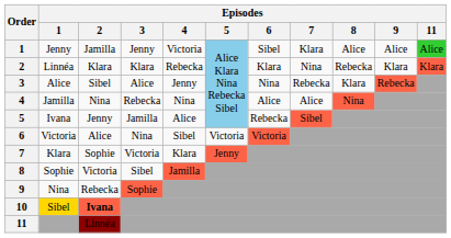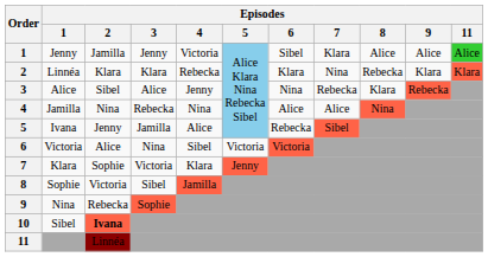 <table class="wikitable" style="text-align:center; font-size:92%">
 <tr>
 <th rowspan=2>Order</th>
 <th colspan=10>Episodes</th>
 </tr>
 <tr>
 <th>1</th>
 <th>2</th>
 <th>3</th>
 <th>4</th>
 <th>5</th>
 <th>6</th>
 <th>7</th>
 <th>8</th>
 <th>9</th>
 <th>11</th>
 </tr>
 <tr>
 <th>1</th>
 <td>Jenny</td>
 <td>Jamilla</td>
 <td>Jenny</td>
 <td>Victoria</td>
 <td rowspan="5" bgcolor="skyblue">Alice <br>Klara <br>Nina<br>Rebecka <br>Sibel</td>
 <td>Sibel</td>
 <td>Klara</td>
 <td>Alice</td>
 <td>Alice</td>
 <td bgcolor="limegreen">Alice</td>
 </tr>
 <tr>
 <th>2</th>
 <td>Linnéa</td>
 <td>Klara</td>
 <td>Klara</td>
 <td>Rebecka</td>
 <td>Klara</td>
 <td>Nina</td>
 <td>Rebecka</td>
 <td>Klara</td>
 <td bgcolor="tomato">Klara</td>
 </tr>
 <tr>
 <th>3</th>
 <td>Alice</td>
 <td>Sibel</td>
 <td>Alice</td>
 <td>Jenny</td>
 <td>Nina</td>
 <td>Rebecka</td>
 <td>Klara</td>
 <td bgcolor="tomato">Rebecka</td>
 <td bgcolor="darkgray"></td>
 </tr>
 <tr>
 <th>4</th>
 <td>Jamilla</td>
 <td>Nina</td>
 <td>Rebecka</td>
 <td>Nina</td>
 <td>Alice</td>
 <td>Alice</td>
 <td bgcolor="tomato">Nina</td>
 <td bgcolor="darkgray" colspan=2></td>
 </tr>
 <tr>
 <th>5</th>
 <td>Ivana</td>
 <td>Jenny</td>
 <td>Jamilla</td>
 <td>Alice</td>
 <td>Rebecka</td>
 <td bgcolor="tomato">Sibel</td>
 <td bgcolor="darkgray" colspan=3></td>
 </tr>
 <tr>
 <th>6</th>
 <td>Victoria</td>
 <td>Alice</td>
 <td>Nina</td>
 <td>Sibel</td>
 <td>Victoria</td>
 <td bgcolor="tomato">Victoria</td>
 <td bgcolor="darkgray" colspan=4></td>
 </tr>
 <tr>
 <th>7</th>
 <td>Klara</td>
 <td>Sophie</td>
 <td>Victoria</td>
 <td>Klara</td>
 <td bgcolor="tomato">Jenny</td>
 <td bgcolor="darkgray" colspan=5></td>
 </tr>
 <tr>
 <th>8</th>
 <td>Sophie</td>
 <td>Victoria</td>
 <td>Sibel</td>
 <td bgcolor="tomato">Jamilla</td>
 <td bgcolor="darkgray" colspan=6></td>
 </tr>
 <tr>
 <th>9</th>
 <td>Nina</td>
 <td>Rebecka</td>
 <td bgcolor="tomato">Sophie</td>
 <td bgcolor="darkgray" colspan=7></td>
 </tr>
 <tr>
 <th>10</th>
-<td style="background: gold;">Sibel</td>
+<td>Sibel</td>
 <td bgcolor="tomato"><strong>Ivana</strong></td>
 <td bgcolor="darkgray" colspan=8></td>
 </tr>
 <tr>
 <th>11</th>
 <td style="background:darkgray"></td>
 <td bgcolor="darkred"><span>Linnéa</span></td>
 <td bgcolor="darkgray" colspan=8></td>
 </tr>
 </table>
